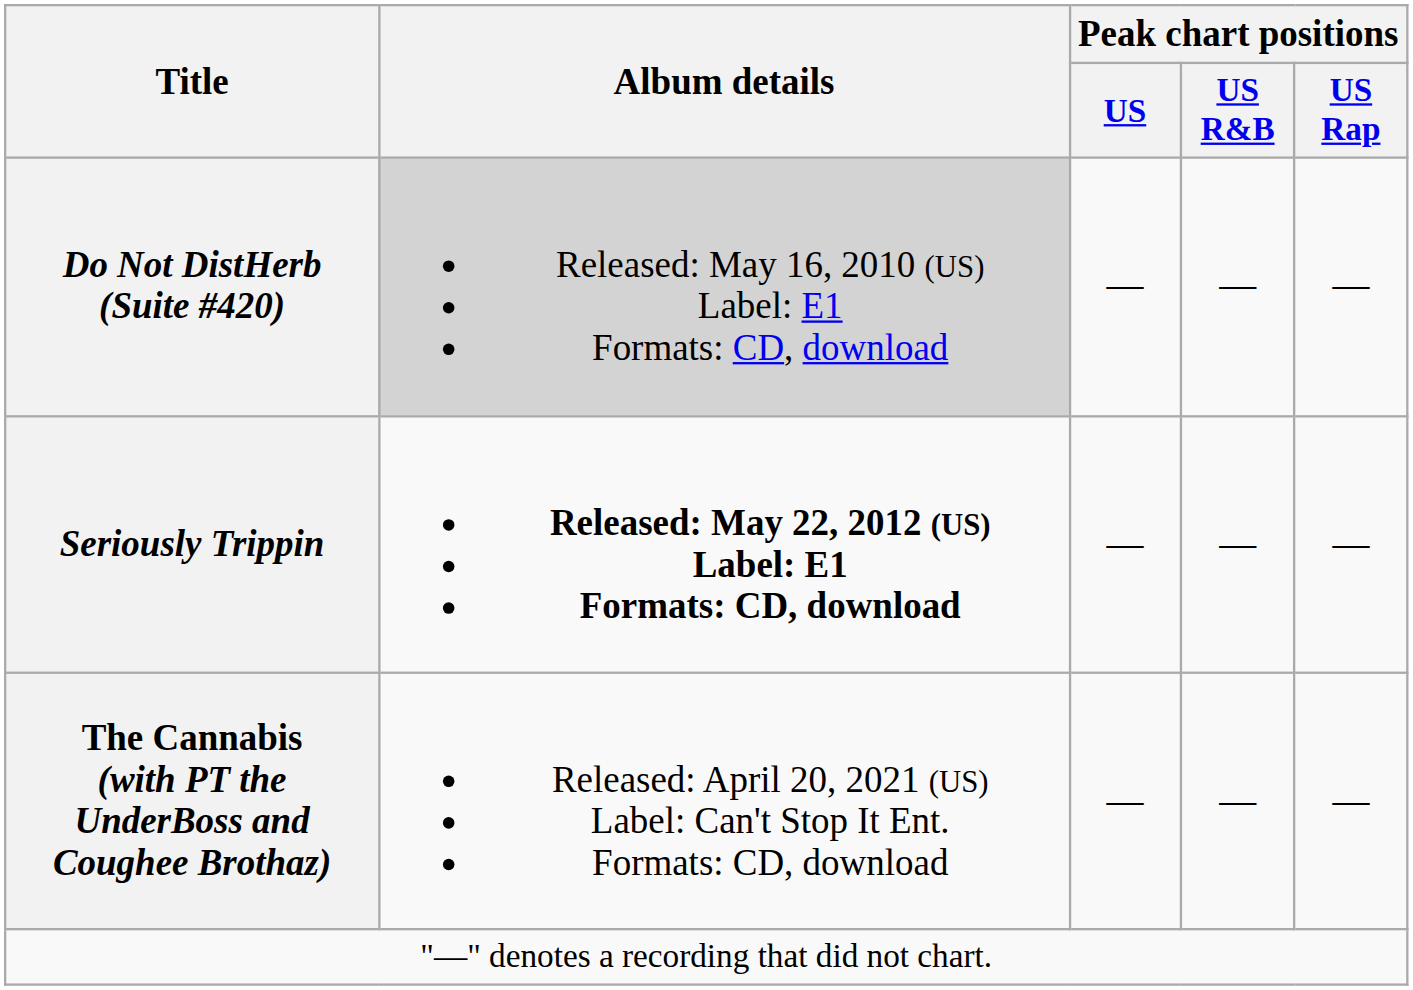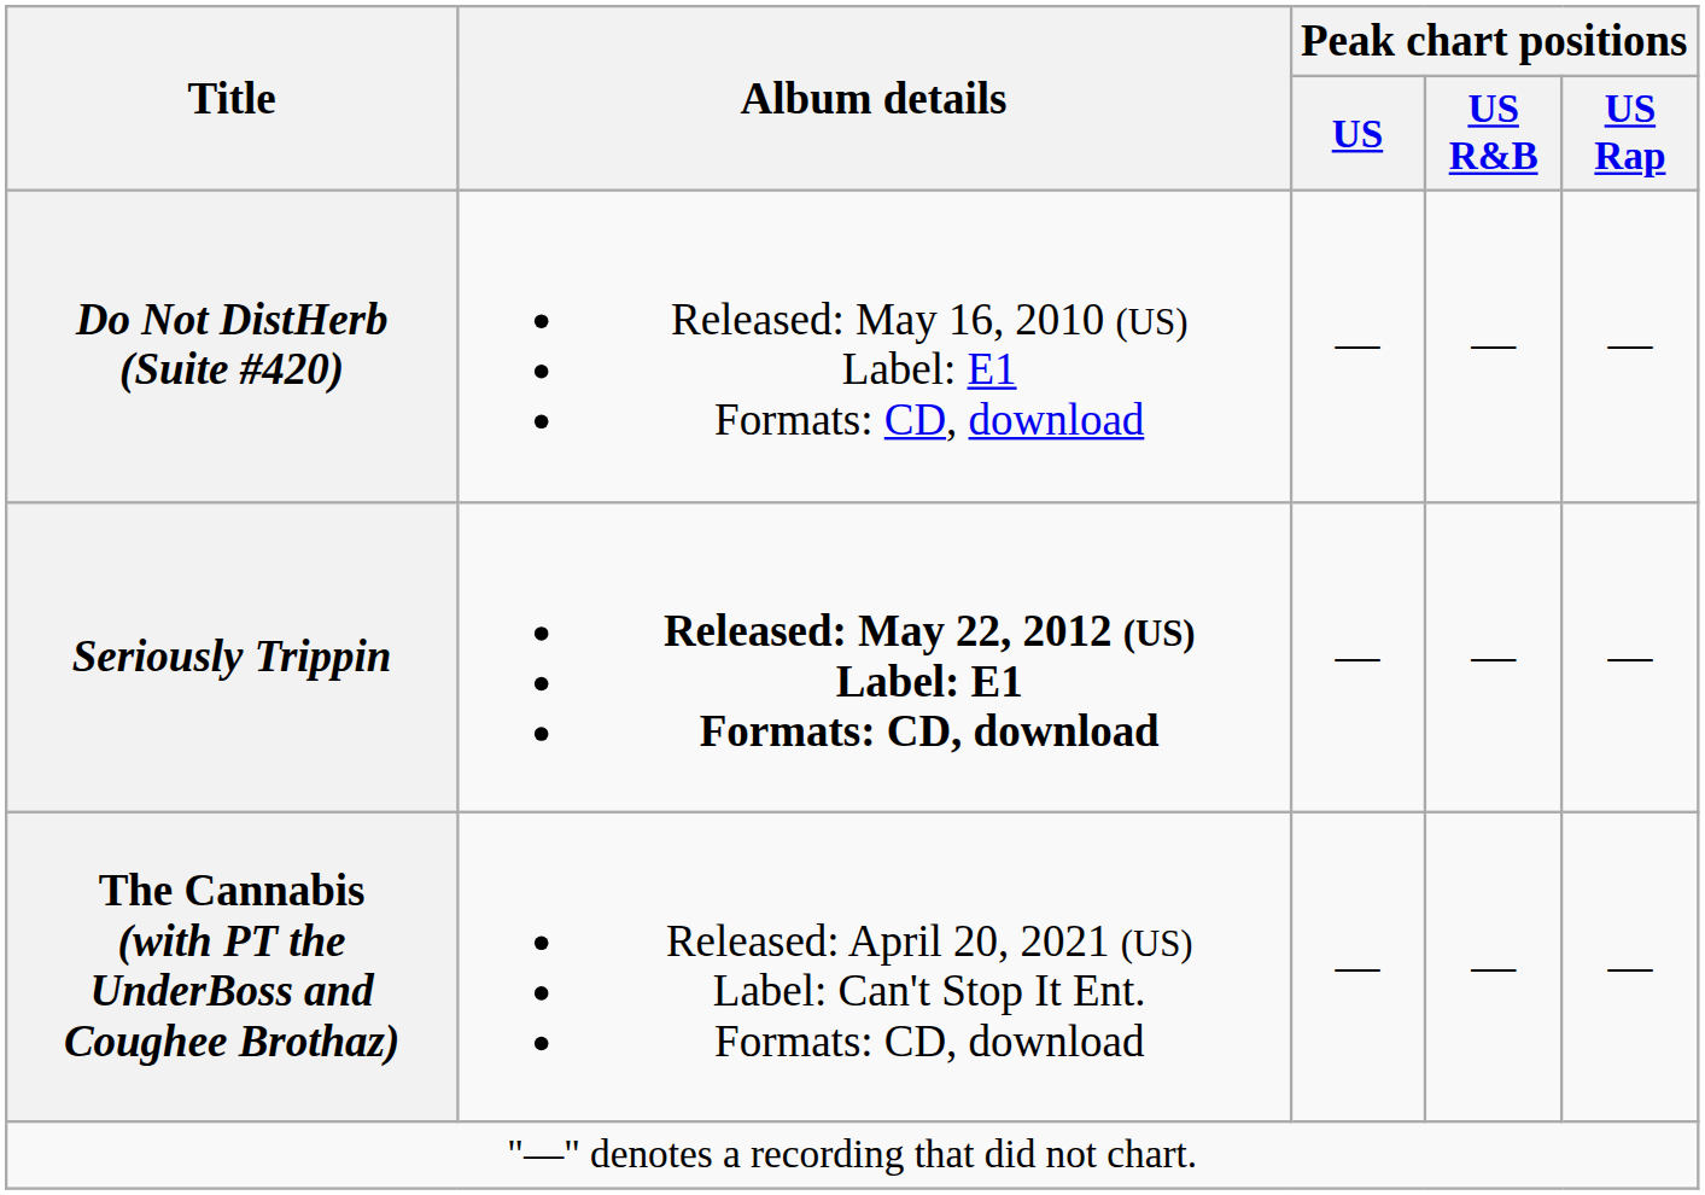 <table class="wikitable plainrowheaders" style="text-align:center;">
 <tr>
 <th scope="col" rowspan="2" style="width:10em;">Title</th>
 <th scope="col" rowspan="2" style="width:19em;">Album details</th>
 <th scope="col" colspan="3">Peak chart positions</th>
 </tr>
 <tr>
 <th scope="col" style="width:3em;font-size:90%;"><a href='#'>US</a></th>
 <th scope="col" style="width:3em;font-size:90%;"><a href='#'>US R&B</a></th>
 <th scope="col" style="width:3em;font-size:90%;"><a href='#'>US<br>Rap</a></th>
 </tr>
 <tr>
 <th scope="row"><em>Do Not DistHerb (Suite #420)</em></th>
-<td style="background: lightgrey;"><br><ul><li>Released: May 16, 2010 <small>(US)</small></li><li>Label: <a href='#'>E1</a></li><li>Formats: <a href='#'>CD</a>, <a href='#'>download</a></li></ul></td>
+<td><br><ul><li>Released: May 16, 2010 <small>(US)</small></li><li>Label: <a href='#'>E1</a></li><li>Formats: <a href='#'>CD</a>, <a href='#'>download</a></li></ul></td>
 <td>—</td>
 <td>—</td>
 <td>—</td>
 </tr>
 <tr>
 <th scope="row"><em>Seriously Trippin<strong></th>
 <td><strong><br><ul><li>Released: May 22, 2012 <small>(US)</small></li><li>Label: E1</li><li>Formats: CD, download</li></ul></strong></td>
 <td>—</td>
 <td>—</td>
 <td>—</td>
 </tr>
 <tr>
 <th scope="row"></em>The Cannabis<em><br><span>(with PT the UnderBoss and Coughee Brothaz)</span></th>
 <td><br><ul><li>Released: April 20, 2021 <small>(US)</small></li><li>Label: Can't Stop It Ent.</li><li>Formats: CD, download</li></ul></td>
 <td>—</td>
 <td>—</td>
 <td>—</td>
 </tr>
 <tr>
 <td colspan="14" style="font-size:90%">"—" denotes a recording that did not chart.</td>
 </tr>
 </table>
